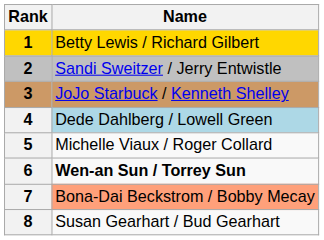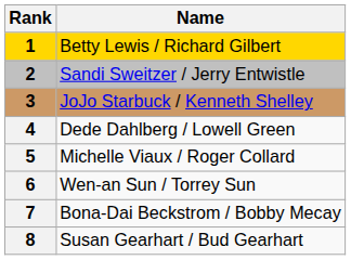 <table class="wikitable">
 <tr>
 <th>Rank</th>
 <th>Name</th>
 </tr>
 <tr bgcolor="gold">
 <td align="center"><strong>1</strong></td>
 <td>Betty Lewis / Richard Gilbert</td>
 </tr>
 <tr bgcolor="silver">
 <td align="center"><strong>2</strong></td>
 <td><a href='#'>Sandi Sweitzer</a> / Jerry Entwistle</td>
 </tr>
 <tr bgcolor="cc9966">
 <td align="center"><strong>3</strong></td>
 <td><a href='#'>JoJo Starbuck</a> / <a href='#'>Kenneth Shelley</a></td>
 </tr>
 <tr>
 <th>4</th>
-<td style="background: lightblue;">Dede Dahlberg / Lowell Green</td>
+<td>Dede Dahlberg / Lowell Green</td>
 </tr>
 <tr>
 <th>5</th>
 <td>Michelle Viaux / Roger Collard</td>
 </tr>
 <tr>
 <th>6</th>
-<td><strong>Wen-an Sun / Torrey Sun</strong></td>
+<td>Wen-an Sun / Torrey Sun</td>
 </tr>
 <tr>
 <th>7</th>
-<td style="background: lightsalmon;">Bona-Dai Beckstrom / Bobby Mecay</td>
+<td>Bona-Dai Beckstrom / Bobby Mecay</td>
 </tr>
 <tr>
 <th>8</th>
 <td>Susan Gearhart / Bud Gearhart</td>
 </tr>
 </table>
